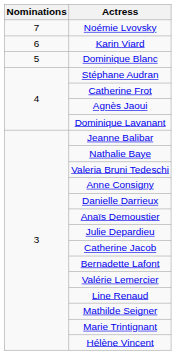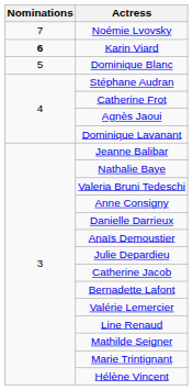 <table class="wikitable" style="text-align: center">
 <tr>
 <th scope="col" width="55">Nominations</th>
 <th scope="col" align="center">Actress</th>
 </tr>
 <tr>
 <td align="center">7</td>
 <td><a href='#'>Noémie Lvovsky</a></td>
 </tr>
 <tr>
-<td align="center">6</td>
+<td align="center"><strong>6</strong></td>
 <td><a href='#'>Karin Viard</a></td>
 </tr>
 <tr>
 <td align="center">5</td>
 <td><a href='#'>Dominique Blanc</a></td>
 </tr>
 <tr>
 <td rowspan="4" align="center">4</td>
 <td><a href='#'>Stéphane Audran</a></td>
 </tr>
 <tr>
 <td><a href='#'>Catherine Frot</a></td>
 </tr>
 <tr>
 <td><a href='#'>Agnès Jaoui</a></td>
 </tr>
 <tr>
 <td><a href='#'>Dominique Lavanant</a></td>
 </tr>
 <tr>
 <td rowspan="14" align="center">3</td>
 <td><a href='#'>Jeanne Balibar</a></td>
 </tr>
 <tr>
 <td><a href='#'>Nathalie Baye</a></td>
 </tr>
 <tr>
 <td><a href='#'>Valeria Bruni Tedeschi</a></td>
 </tr>
 <tr>
 <td><a href='#'>Anne Consigny</a></td>
 </tr>
 <tr>
 <td><a href='#'>Danielle Darrieux</a></td>
 </tr>
 <tr>
 <td><a href='#'>Anaïs Demoustier</a></td>
 </tr>
 <tr>
 <td><a href='#'>Julie Depardieu</a></td>
 </tr>
 <tr>
 <td><a href='#'>Catherine Jacob</a></td>
 </tr>
 <tr>
 <td><a href='#'>Bernadette Lafont</a></td>
 </tr>
 <tr>
 <td><a href='#'>Valérie Lemercier</a></td>
 </tr>
 <tr>
 <td><a href='#'>Line Renaud</a></td>
 </tr>
 <tr>
 <td><a href='#'>Mathilde Seigner</a></td>
 </tr>
 <tr>
 <td><a href='#'>Marie Trintignant</a></td>
 </tr>
 <tr>
 <td><a href='#'>Hélène Vincent</a></td>
 </tr>
 </table>
